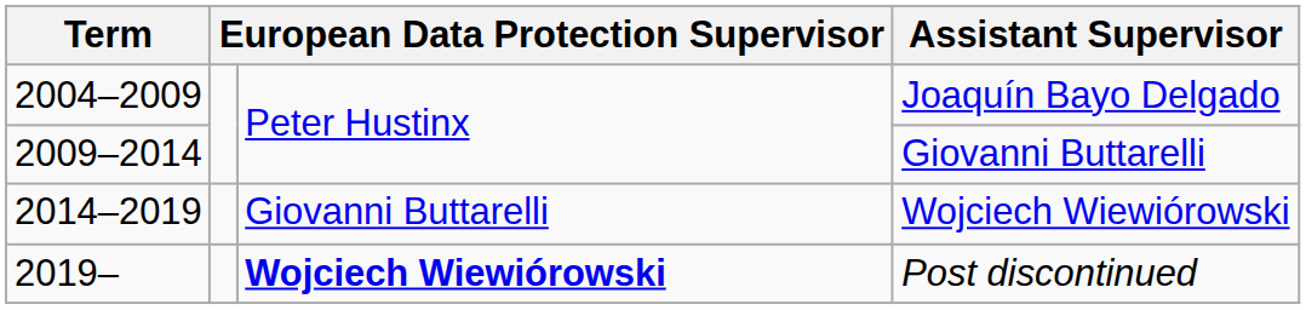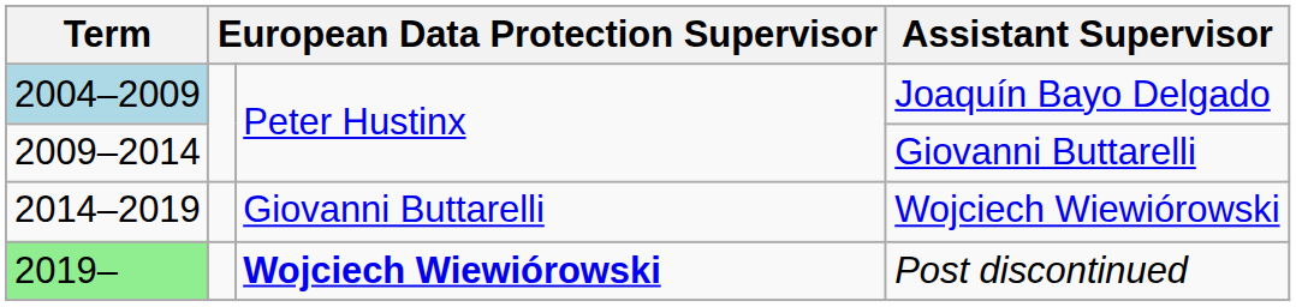 <table class="wikitable">
 <tr>
 <th>Term</th>
 <th colspan=2>European Data Protection Supervisor</th>
 <th>Assistant Supervisor</th>
 </tr>
 <tr>
-<td>2004–2009</td>
+<td style="background: lightblue;">2004–2009</td>
 <td rowspan="2"></td>
 <td rowspan="2"><a href='#'>Peter Hustinx</a></td>
 <td><a href='#'>Joaquín Bayo Delgado</a></td>
 </tr>
 <tr>
 <td>2009–2014</td>
 <td><a href='#'>Giovanni Buttarelli</a></td>
 </tr>
 <tr>
 <td>2014–2019</td>
 <td></td>
 <td><a href='#'>Giovanni Buttarelli</a></td>
 <td><a href='#'>Wojciech Wiewiórowski</a></td>
 </tr>
 <tr>
-<td>2019–</td>
+<td style="background: lightgreen;">2019–</td>
 <td></td>
 <td><strong><a href='#'>Wojciech Wiewiórowski</a></strong></td>
 <td><em>Post discontinued</em></td>
 </tr>
 </table>
